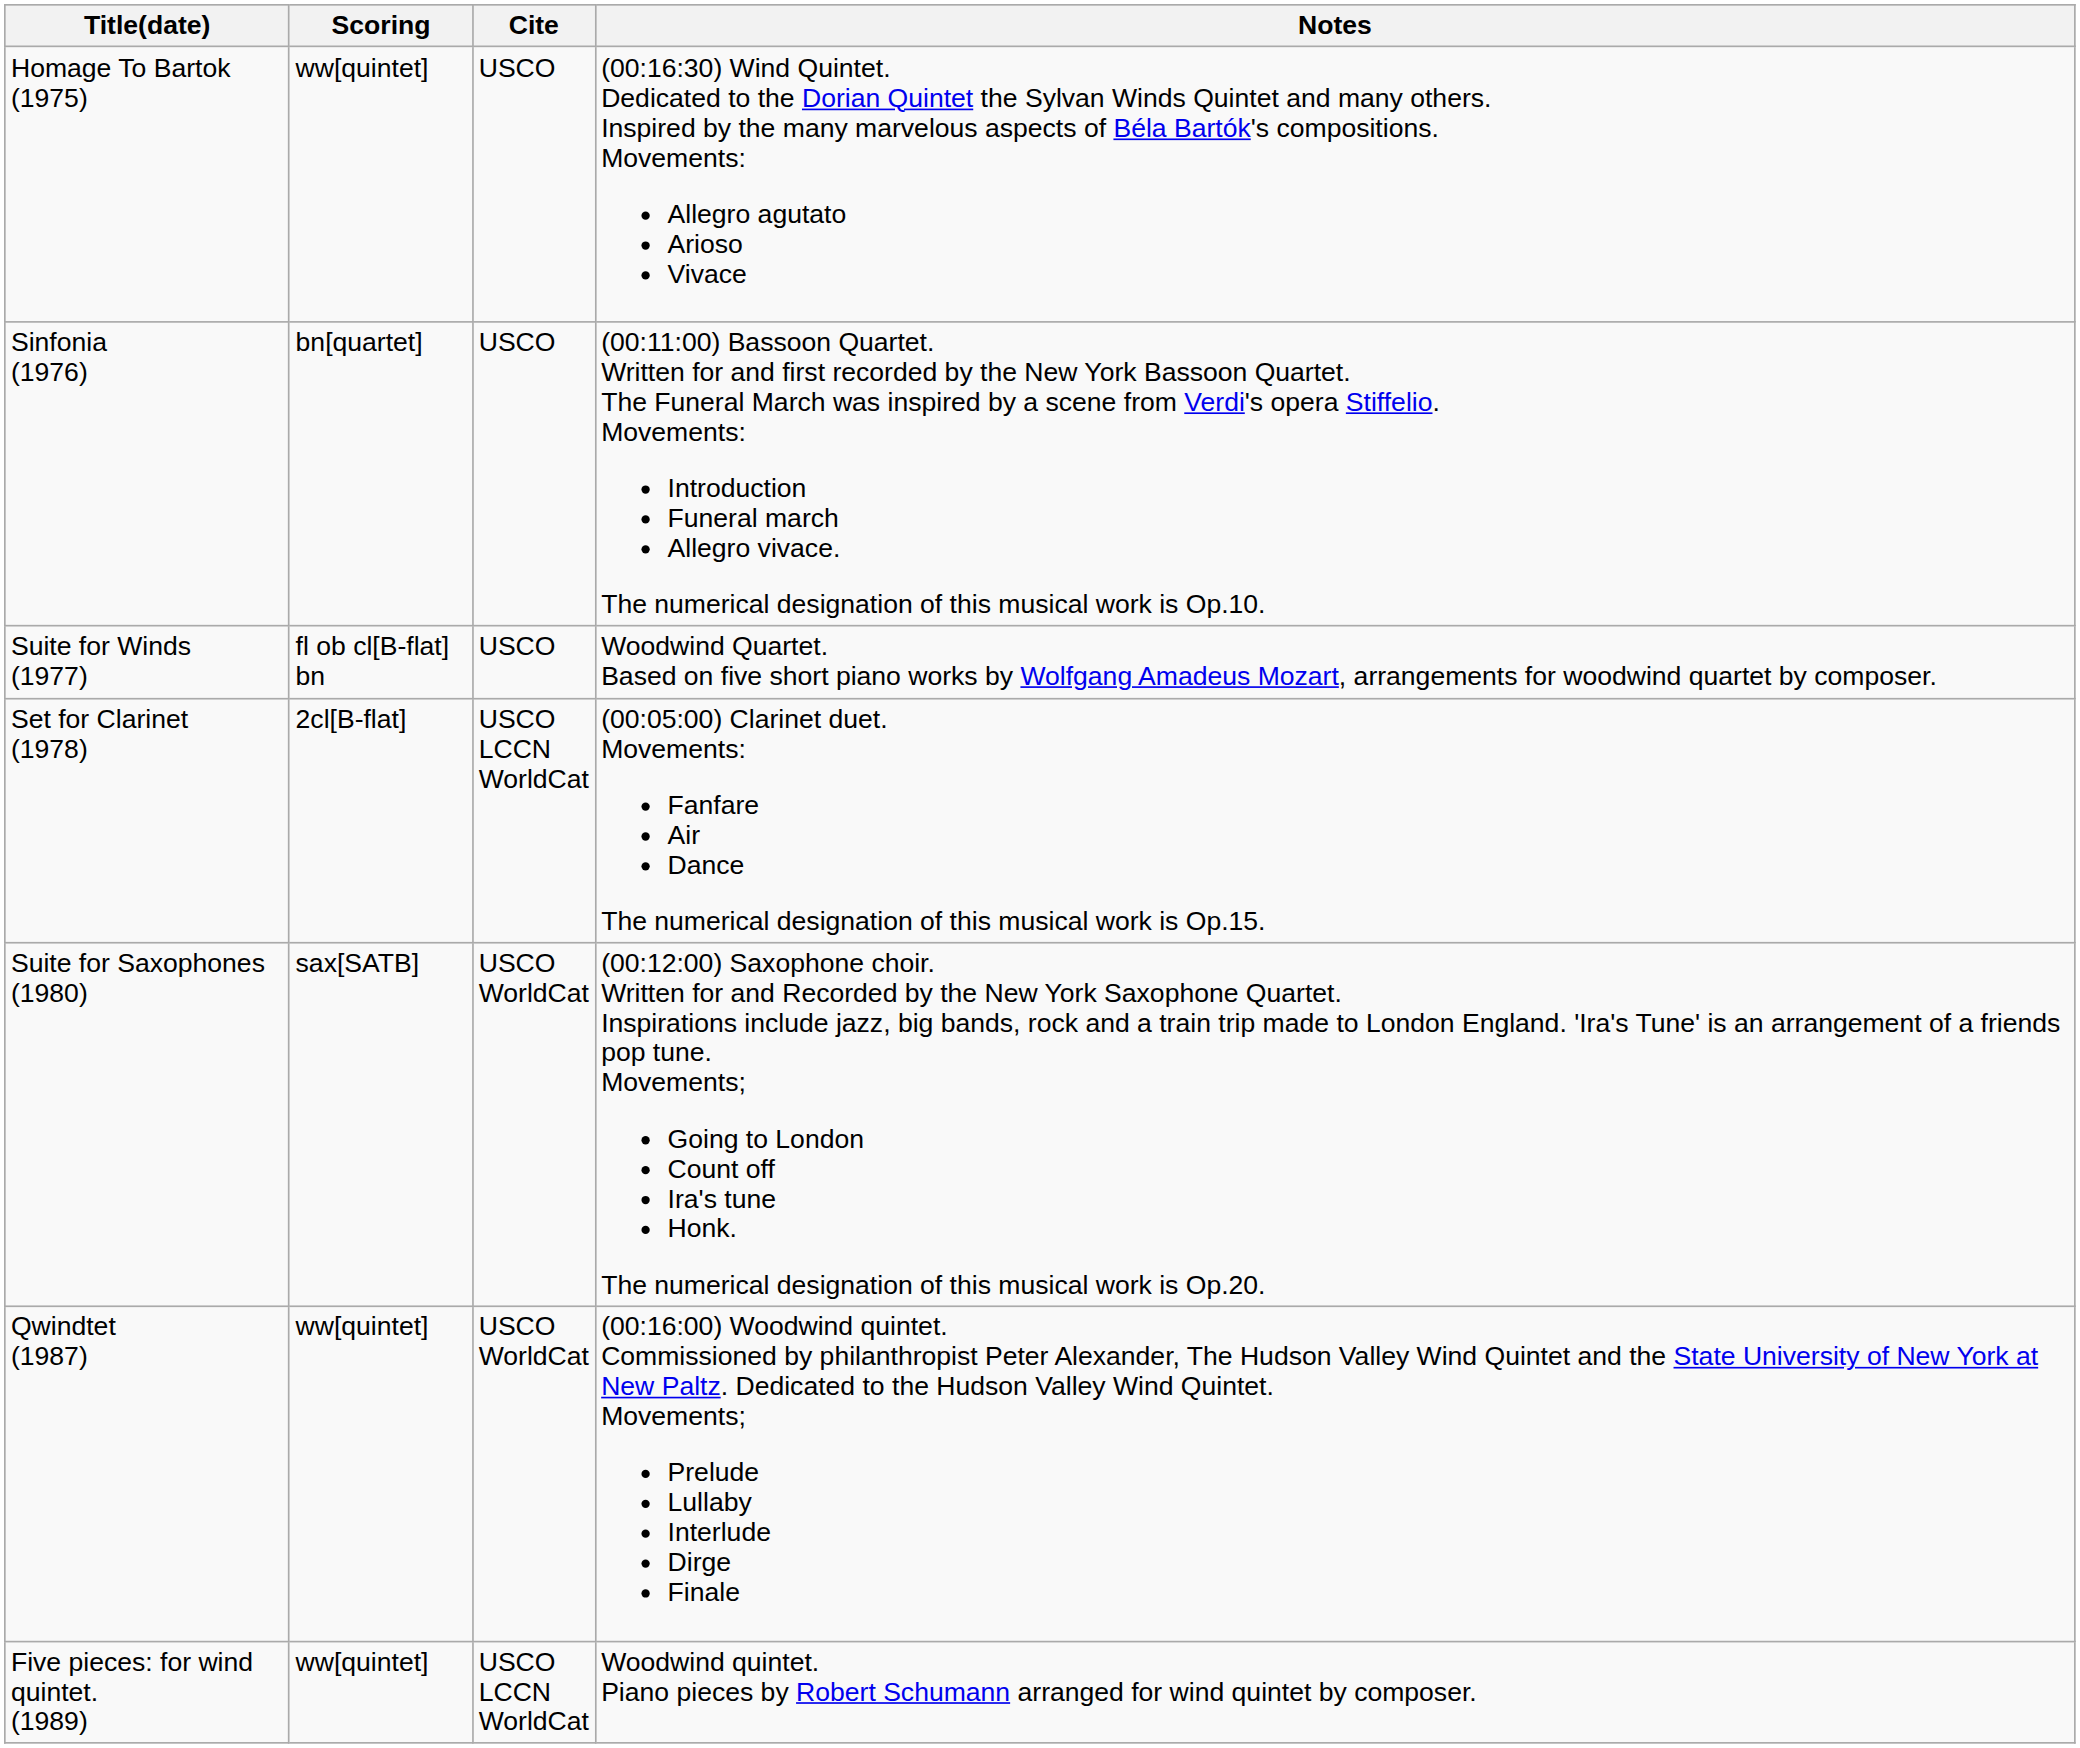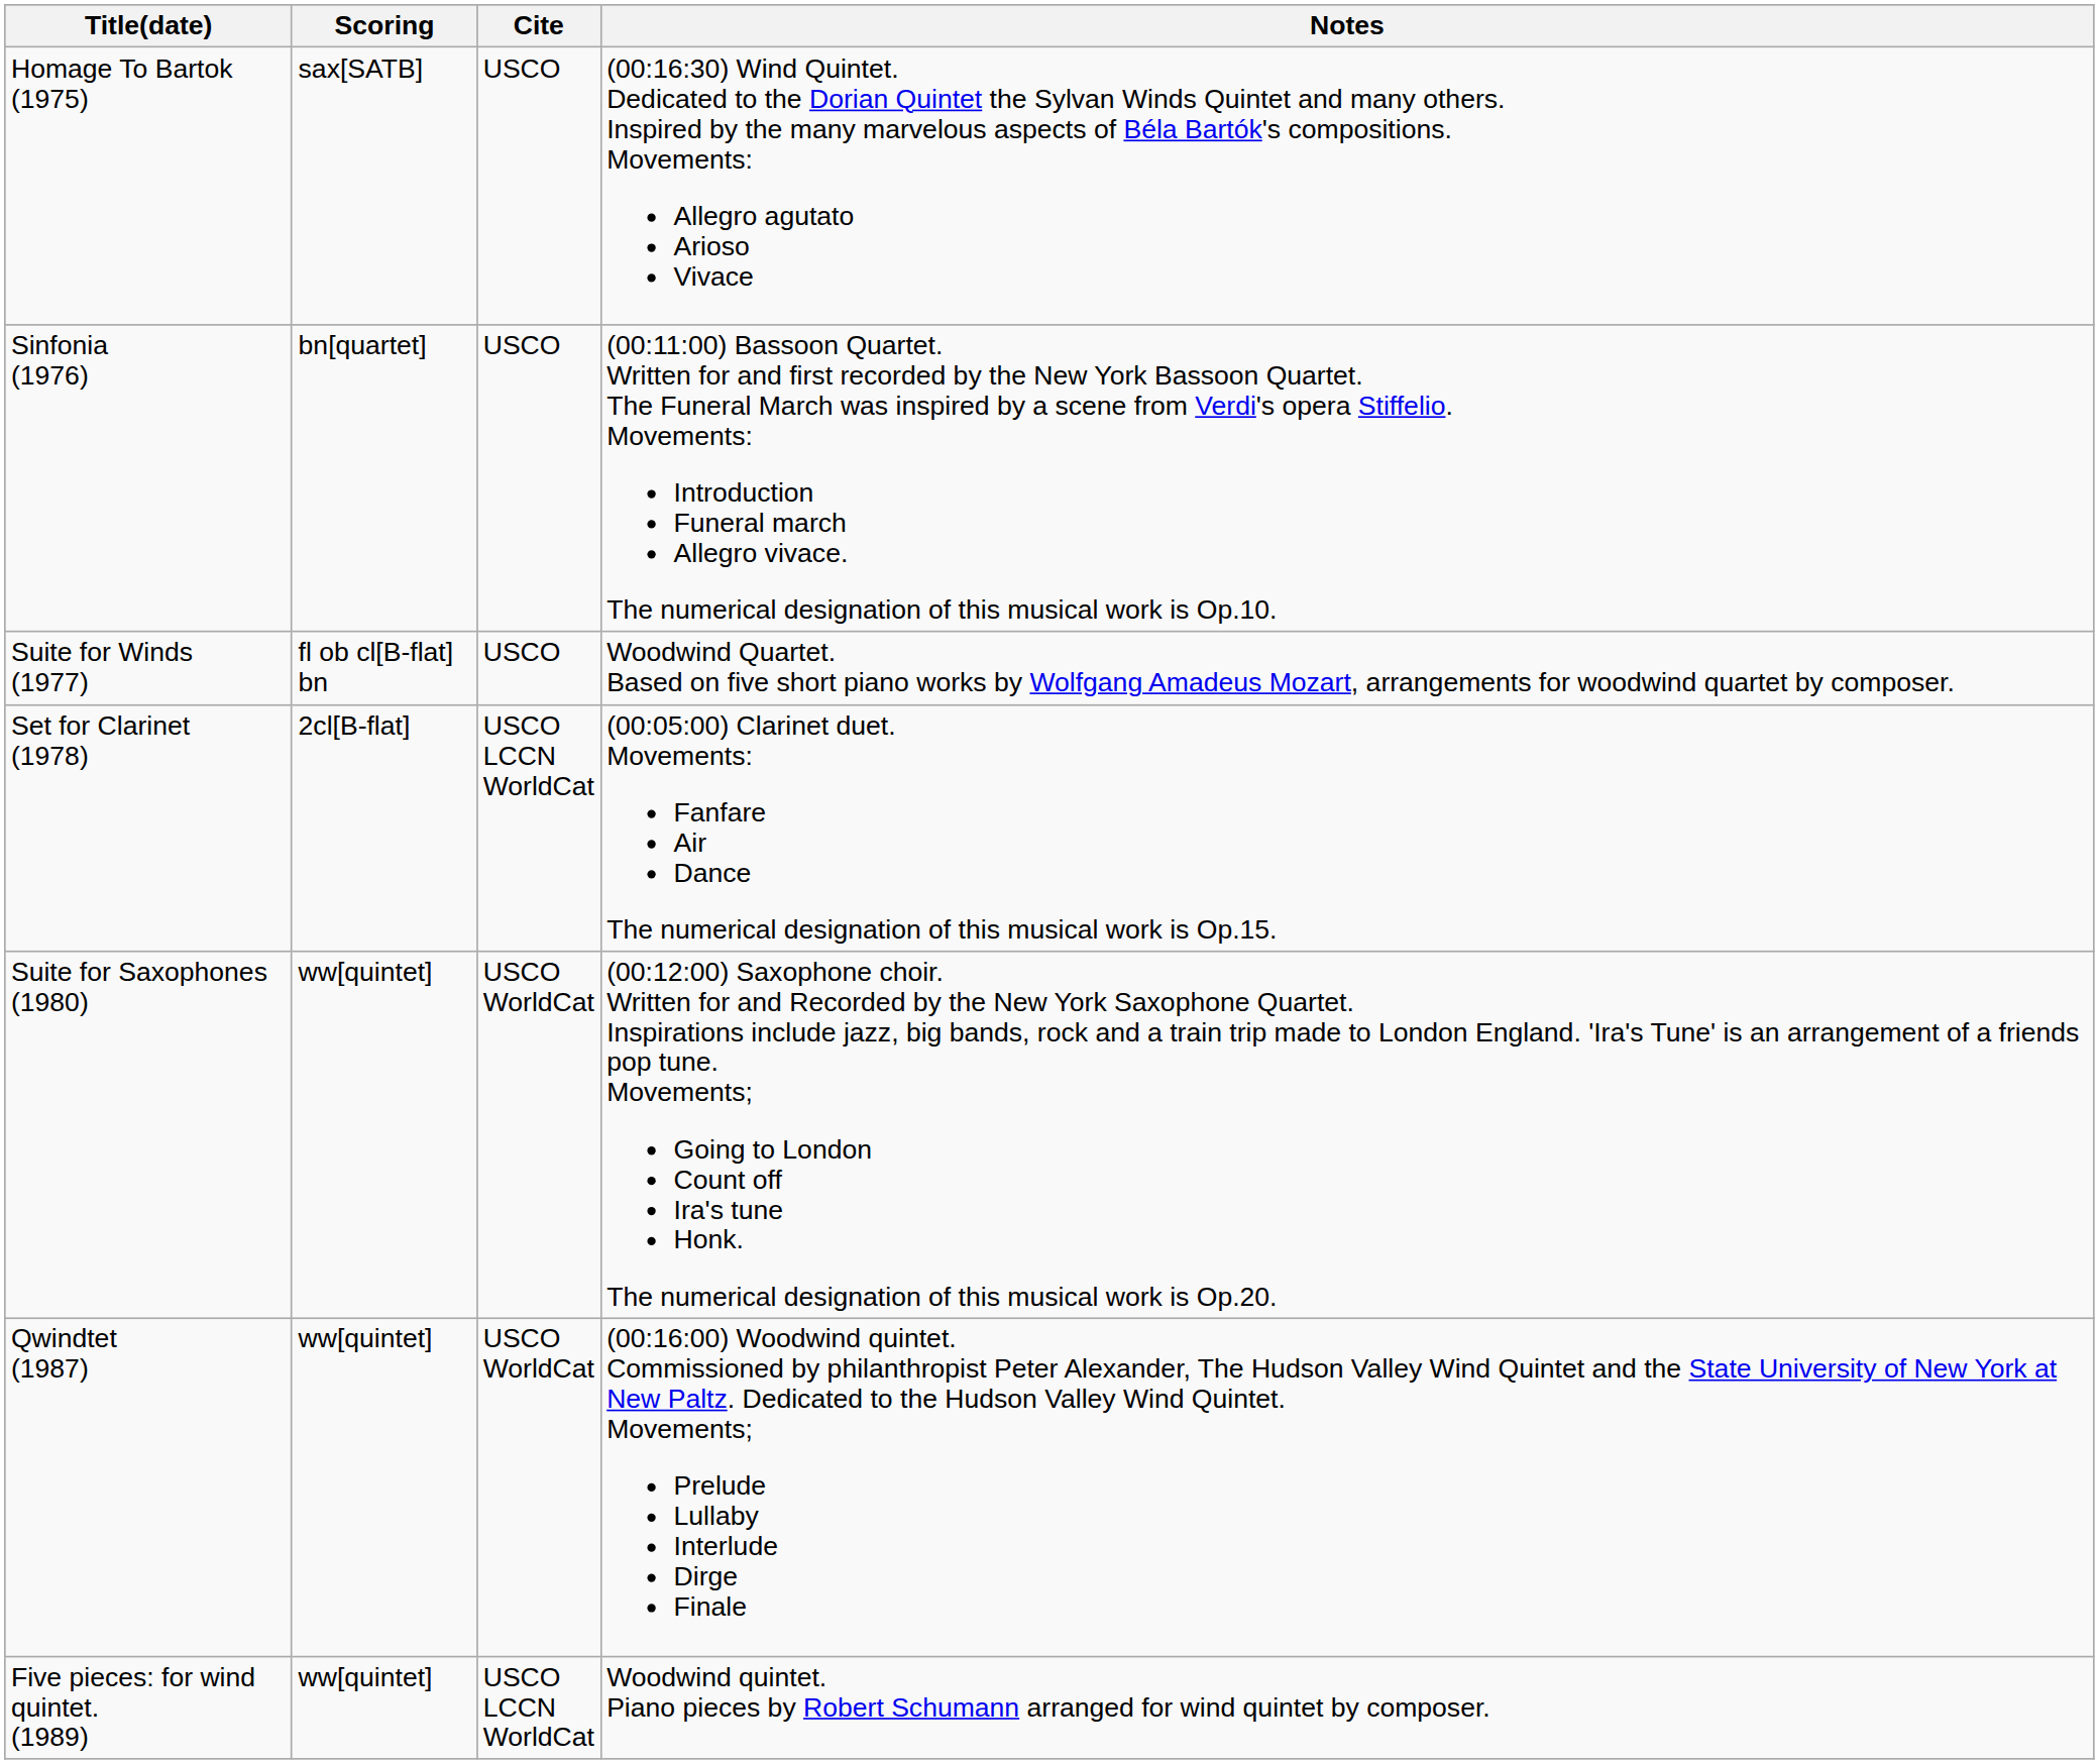 <table class="sortable wikitable" style="margins:auto; width=95%;">
 <tr>
 <th width="">Title(date)</th>
 <th width="">Scoring</th>
 <th width="">Cite</th>
 <th width="">Notes</th>
 </tr>
 <tr valign="top">
 <td>Homage To Bartok<br>(1975)</td>
-<td>ww[quintet]</td>
+<td>sax[SATB]</td>
 <td>USCO</td>
 <td>(00:16:30) Wind Quintet.<br>Dedicated to the <a href='#'>Dorian Quintet</a> the Sylvan Winds Quintet and many others.<br>Inspired by the many marvelous aspects of <a href='#'>Béla Bartók</a>'s compositions.<br>Movements:<ul><li>Allegro agutato</li><li>Arioso</li><li>Vivace</li></ul></td>
 </tr>
 <tr valign="top">
 <td>Sinfonia<br>(1976)</td>
 <td>bn[quartet]</td>
 <td>USCO</td>
 <td>(00:11:00) Bassoon Quartet.<br>Written for and first recorded by the New York Bassoon Quartet.<br>The Funeral March was inspired by a scene from <a href='#'>Verdi</a>'s opera <a href='#'>Stiffelio</a>.<br>Movements:<ul><li>Introduction</li><li>Funeral march</li><li>Allegro vivace.</li></ul>The numerical designation of this musical work is Op.10.</td>
 </tr>
 <tr valign="top">
 <td>Suite for Winds<br>(1977)</td>
 <td>fl ob cl[B-flat] bn</td>
 <td>USCO</td>
 <td>Woodwind Quartet.<br>Based on five short piano works by <a href='#'>Wolfgang Amadeus Mozart</a>, arrangements for woodwind quartet by composer.</td>
 </tr>
 <tr valign="top">
 <td>Set for Clarinet<br>(1978)</td>
 <td>2cl[B-flat]</td>
 <td>USCO<br>LCCN<br>WorldCat</td>
 <td>(00:05:00) Clarinet duet.<br>Movements:<ul><li>Fanfare</li><li>Air</li><li>Dance</li></ul>The numerical designation of this musical work is Op.15.</td>
 </tr>
 <tr valign="top">
 <td>Suite for Saxophones<br>(1980)</td>
-<td>sax[SATB]</td>
+<td>ww[quintet]</td>
 <td>USCO<br>WorldCat</td>
 <td>(00:12:00) Saxophone choir.<br>Written for and Recorded by the New York Saxophone Quartet.<br>Inspirations include jazz, big bands, rock and a train trip made to London England. 'Ira's Tune' is an arrangement of a friends pop tune.<br>Movements;<ul><li>Going to London</li><li>Count off</li><li>Ira's tune</li><li>Honk.</li></ul>The numerical designation of this musical work is Op.20.</td>
 </tr>
 <tr valign="top">
 <td>Qwindtet<br>(1987)</td>
 <td>ww[quintet]</td>
 <td>USCO<br>WorldCat</td>
 <td>(00:16:00) Woodwind quintet.<br>Commissioned by philanthropist Peter Alexander, The Hudson Valley Wind Quintet and the <a href='#'>State University of New York at New Paltz</a>. Dedicated to the Hudson Valley Wind Quintet.<br>Movements;<ul><li>Prelude</li><li>Lullaby</li><li>Interlude</li><li>Dirge</li><li>Finale</li></ul></td>
 </tr>
 <tr valign="top">
 <td>Five pieces: for wind quintet.<br>(1989)</td>
 <td>ww[quintet]</td>
 <td>USCO<br>LCCN<br>WorldCat</td>
 <td>Woodwind quintet.<br>Piano pieces by <a href='#'>Robert Schumann</a> arranged for wind quintet by composer.</td>
 </tr>
 </table>
